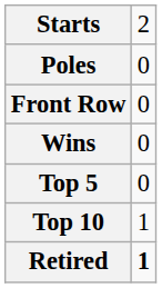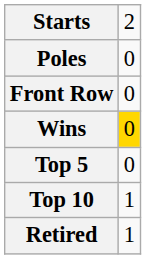 <table class="wikitable" style="text-align:center">
 <tr>
 <th>Starts</th>
 <td>2</td>
 </tr>
 <tr>
 <th>Poles</th>
 <td>0</td>
 </tr>
 <tr>
 <th>Front Row</th>
 <td>0</td>
 </tr>
 <tr>
 <th>Wins</th>
-<td>0</td>
+<td style="background: gold;">0</td>
 </tr>
 <tr>
 <th>Top 5</th>
 <td>0</td>
 </tr>
 <tr>
 <th>Top 10</th>
 <td>1</td>
 </tr>
 <tr>
 <th>Retired</th>
-<td><strong>1</strong></td>
+<td>1</td>
 </tr>
 </table>
